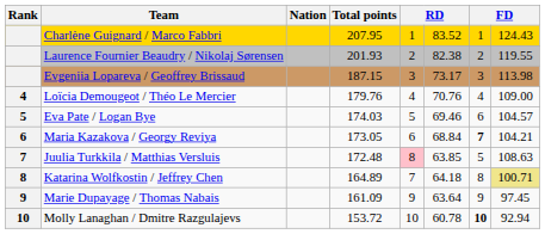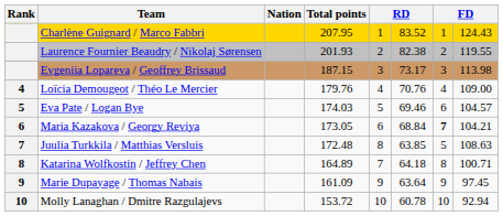 <table class="wikitable sortable" style="text-align:left">
 <tr>
 <th scope="col">Rank</th>
 <th scope="col">Team</th>
 <th scope="col">Nation</th>
 <th scope="col">Total points</th>
 <th scope="col" colspan="2" width="80px"><a href='#'>RD</a></th>
 <th scope="col" colspan="2" width="80px"><a href='#'>FD</a></th>
 </tr>
 <tr bgcolor="gold">
 <th scope="row"></th>
 <td><a href='#'>Charlène Guignard</a> / <a href='#'>Marco Fabbri</a></td>
 <td></td>
 <td align="center">207.95</td>
 <td align="center">1</td>
 <td align="center">83.52</td>
 <td align="center">1</td>
 <td align="center">124.43</td>
 </tr>
 <tr bgcolor="silver">
 <th scope="row"></th>
 <td><a href='#'>Laurence Fournier Beaudry</a> / <a href='#'>Nikolaj Sørensen</a></td>
 <td></td>
 <td align="center">201.93</td>
 <td align="center">2</td>
 <td align="center">82.38</td>
 <td align="center">2</td>
 <td align="center">119.55</td>
 </tr>
 <tr bgcolor="cc9966">
 <th scope="row"></th>
 <td><a href='#'>Evgeniia Lopareva</a> / <a href='#'>Geoffrey Brissaud</a></td>
 <td></td>
 <td align="center">187.15</td>
 <td align="center">3</td>
 <td align="center">73.17</td>
 <td align="center">3</td>
 <td align="center">113.98</td>
 </tr>
 <tr>
 <th scope="row">4</th>
 <td><a href='#'>Loïcia Demougeot</a> / <a href='#'>Théo Le Mercier</a></td>
 <td></td>
 <td align="center">179.76</td>
 <td align="center">4</td>
 <td align="center">70.76</td>
 <td align="center">4</td>
 <td align="center">109.00</td>
 </tr>
 <tr>
 <th scope="row">5</th>
 <td><a href='#'>Eva Pate</a> / <a href='#'>Logan Bye</a></td>
 <td></td>
 <td align="center">174.03</td>
 <td align="center">5</td>
 <td align="center">69.46</td>
 <td align="center">6</td>
 <td align="center">104.57</td>
 </tr>
 <tr>
 <th scope="row">6</th>
 <td><a href='#'>Maria Kazakova</a> / <a href='#'>Georgy Reviya</a></td>
 <td></td>
 <td align="center">173.05</td>
 <td align="center">6</td>
 <td align="center">68.84</td>
 <td align="center"><strong>7</strong></td>
 <td align="center">104.21</td>
 </tr>
 <tr>
 <th scope="row">7</th>
 <td><a href='#'>Juulia Turkkila</a> / <a href='#'>Matthias Versluis</a></td>
 <td></td>
 <td align="center">172.48</td>
-<td align="center" style="background: pink;">8</td>
+<td align="center">8</td>
 <td align="center">63.85</td>
 <td align="center">5</td>
 <td align="center">108.63</td>
 </tr>
 <tr>
 <th scope="row">8</th>
 <td><a href='#'>Katarina Wolfkostin</a> / <a href='#'>Jeffrey Chen</a></td>
 <td></td>
 <td align="center">164.89</td>
 <td align="center">7</td>
 <td align="center">64.18</td>
 <td align="center">8</td>
-<td align="center" style="background: khaki;">100.71</td>
+<td align="center">100.71</td>
 </tr>
 <tr>
 <th scope="row">9</th>
 <td><a href='#'>Marie Dupayage</a> / <a href='#'>Thomas Nabais</a></td>
 <td></td>
 <td align="center">161.09</td>
 <td align="center">9</td>
 <td align="center">63.64</td>
 <td align="center">9</td>
 <td align="center">97.45</td>
 </tr>
 <tr>
 <th scope="row">10</th>
 <td>Molly Lanaghan / Dmitre Razgulajevs</td>
 <td></td>
 <td align="center">153.72</td>
 <td align="center">10</td>
 <td align="center">60.78</td>
-<td align="center"><strong>10</strong></td>
+<td align="center">10</td>
 <td align="center">92.94</td>
 </tr>
 </table>
